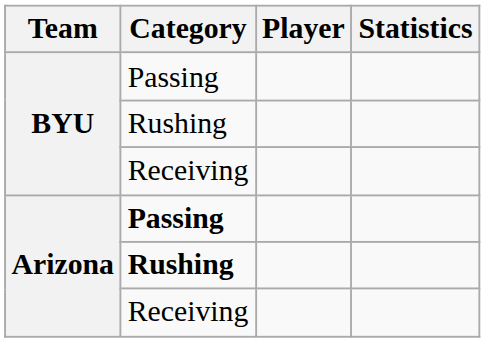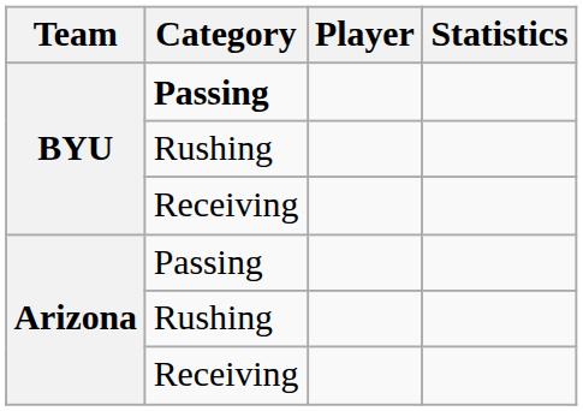 <table class="wikitable" style="float:right">
 <tr>
 <th>Team</th>
 <th>Category</th>
 <th>Player</th>
 <th>Statistics</th>
 </tr>
 <tr>
 <th rowspan=3>BYU</th>
-<td>Passing</td>
+<td><strong>Passing</strong></td>
 <td></td>
 <td></td>
 </tr>
 <tr>
 <td>Rushing</td>
 <td></td>
 <td></td>
 </tr>
 <tr>
 <td>Receiving</td>
 <td></td>
 <td></td>
 </tr>
 <tr>
 <th rowspan=3>Arizona</th>
-<td><strong>Passing</strong></td>
+<td>Passing</td>
 <td></td>
 <td></td>
 </tr>
 <tr>
-<td><strong>Rushing</strong></td>
+<td>Rushing</td>
 <td></td>
 <td></td>
 </tr>
 <tr>
 <td>Receiving</td>
 <td></td>
 <td></td>
 </tr>
 </table>
